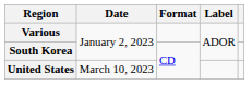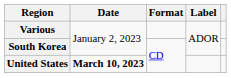 <table class="wikitable plainrowheaders">
 <tr>
 <th scope="col">Region</th>
 <th scope="col">Date</th>
 <th scope="col">Format</th>
 <th scope="col">Label</th>
 <th scope="col" class="unsortable"></th>
 </tr>
 <tr>
 <th scope="row">Various</th>
 <td rowspan="2">January 2, 2023</td>
 <td></td>
 <td rowspan="2">ADOR</td>
 <td align=center></td>
 </tr>
 <tr>
 <th scope="row">South Korea</th>
 <td rowspan="2"><a href='#'>CD</a></td>
 <td align=center></td>
 </tr>
 <tr>
 <th scope="row">United States</th>
-<td>March 10, 2023</td>
+<td><strong>March 10, 2023</strong></td>
 <td></td>
 <td align=center></td>
 </tr>
 </table>
